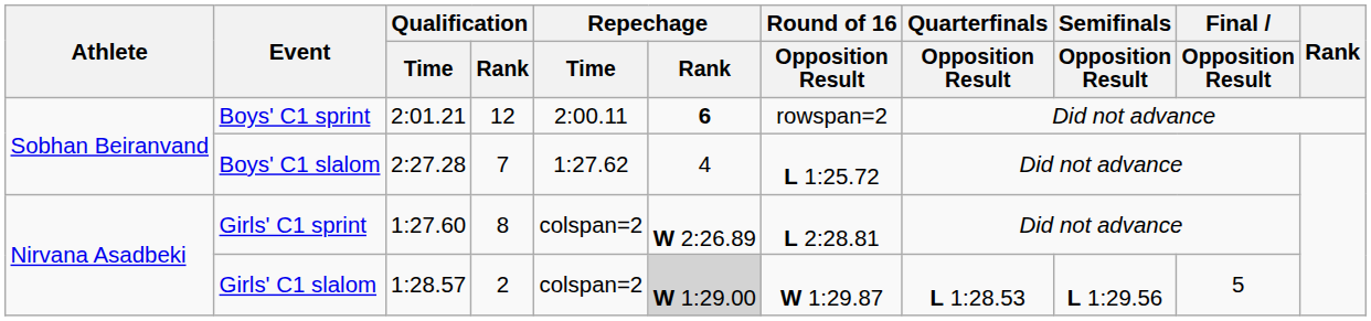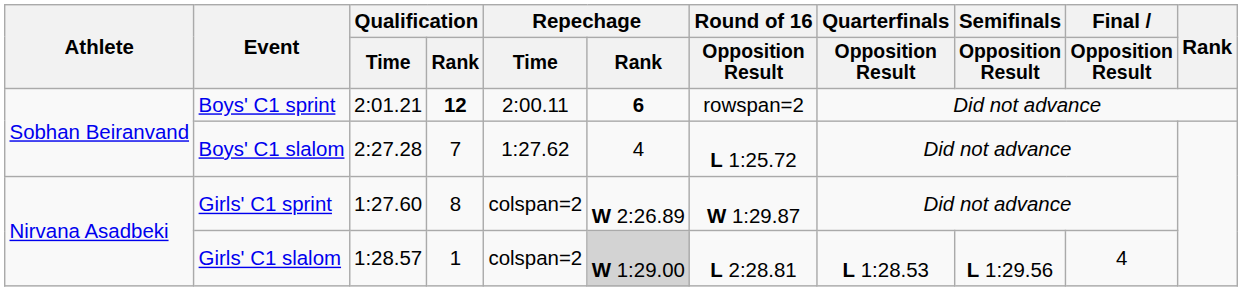 <table class="wikitable" style="font-size:90%">
 <tr>
 <th rowspan=2>Athlete</th>
 <th rowspan=2>Event</th>
 <th colspan=2>Qualification</th>
 <th colspan=2>Repechage</th>
 <th>Round of 16</th>
 <th>Quarterfinals</th>
 <th>Semifinals</th>
 <th>Final / </th>
 <th rowspan=2>Rank</th>
 </tr>
 <tr style="font-size:95%">
 <th>Time</th>
 <th>Rank</th>
 <th>Time</th>
 <th>Rank</th>
 <th>Opposition <br>Result</th>
 <th>Opposition <br>Result</th>
 <th>Opposition <br>Result</th>
 <th>Opposition <br>Result</th>
 </tr>
 <tr align="center">
 <td rowspan=2 align=left><a href='#'>Sobhan Beiranvand</a></td>
 <td align="left"><a href='#'>Boys' C1 sprint</a></td>
 <td>2:01.21</td>
-<td>12</td>
+<td><strong>12</strong></td>
 <td>2:00.11</td>
 <td><strong>6</strong></td>
 <td>rowspan=2 </td>
 <td colspan=4><em>Did not advance</em></td>
 </tr>
 <tr align="center">
 <td align="left"><a href='#'>Boys' C1 slalom</a></td>
 <td>2:27.28</td>
 <td>7</td>
 <td>1:27.62</td>
 <td>4</td>
 <td><br><strong>L</strong> 1:25.72</td>
 <td colspan=3><em>Did not advance</em></td>
 </tr>
 <tr align="center">
 <td rowspan=2 align=left><a href='#'>Nirvana Asadbeki</a></td>
 <td align="left"><a href='#'>Girls' C1 sprint</a></td>
 <td>1:27.60</td>
 <td>8</td>
 <td>colspan=2 </td>
 <td><br><strong>W</strong> 2:26.89</td>
-<td><br><strong>L</strong> 2:28.81</td>
+<td><br><strong>W</strong> 1:29.87</td>
 <td colspan=3><em>Did not advance</em></td>
 </tr>
 <tr align="center">
 <td align="left"><a href='#'>Girls' C1 slalom</a></td>
 <td>1:28.57</td>
-<td>2</td>
+<td>1</td>
 <td>colspan=2 </td>
 <td style="background: lightgrey;"><br><strong>W</strong> 1:29.00</td>
-<td><br><strong>W</strong> 1:29.87</td>
+<td><br><strong>L</strong> 2:28.81</td>
 <td><br><strong>L</strong> 1:28.53</td>
 <td><br><strong>L</strong> 1:29.56</td>
-<td>5</td>
+<td>4</td>
 </tr>
 </table>
